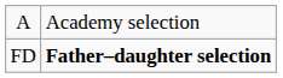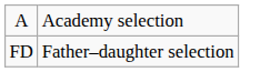 <table class=wikitable style=font-size:90%>
 <tr>
 <td align=center>A</td>
 <td>Academy selection</td>
 </tr>
 <tr>
 <td align=center>FD</td>
-<td><strong>Father–daughter selection</strong></td>
+<td>Father–daughter selection</td>
 </tr>
 </table>
